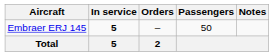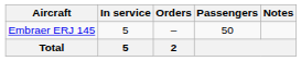 <table class="wikitable" style="margin:1em auto; border-collapse:collapse;text-align:center">
 <tr>
 <th>Aircraft</th>
 <th>In service</th>
 <th>Orders</th>
 <th>Passengers</th>
 <th>Notes</th>
 </tr>
 <tr>
 <td><a href='#'>Embraer ERJ 145</a></td>
-<td><strong>5</strong></td>
+<td>5</td>
 <td>–</td>
 <td>50</td>
 <td></td>
 </tr>
 <tr>
 <th>Total</th>
 <th>5</th>
 <th>2</th>
 <th colspan=2></th>
 </tr>
 </table>
